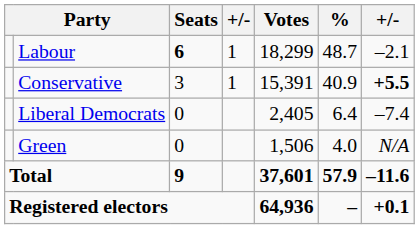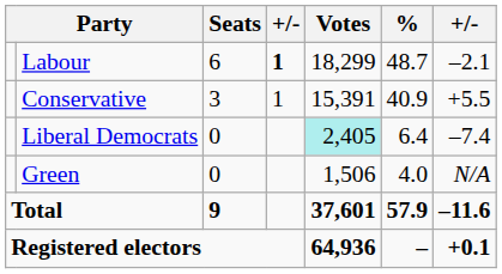 <table class="wikitable sortable">
 <tr>
 <th colspan="2">Party</th>
 <th>Seats</th>
 <th>+/-</th>
 <th>Votes</th>
 <th>%</th>
 <th>+/-</th>
 </tr>
 <tr>
 <td style="background-color: "></td>
 <td><a href='#'>Labour</a></td>
-<td><strong>6</strong></td>
-<td> 1</td>
+<td>6</td>
+<td><strong> 1</strong></td>
 <td style="text-align:right;">18,299</td>
 <td style="text-align:right;">48.7</td>
 <td style="text-align:right;">–2.1</td>
 </tr>
 <tr>
 <td style="background-color: "></td>
 <td><a href='#'>Conservative</a></td>
 <td>3</td>
 <td> 1</td>
 <td style="text-align:right;">15,391</td>
 <td style="text-align:right;">40.9</td>
-<td style="text-align:right;"><strong>+5.5</strong></td>
+<td style="text-align:right;">+5.5</td>
 </tr>
 <tr>
 <td style="background-color: "></td>
 <td><a href='#'>Liberal Democrats</a></td>
 <td>0</td>
 <td></td>
-<td style="text-align:right;">2,405</td>
+<td style="background: paleturquoise; text-align:right;">2,405</td>
 <td style="text-align:right;">6.4</td>
 <td style="text-align:right;">–7.4</td>
 </tr>
 <tr>
 <td style="background-color: "></td>
 <td><a href='#'>Green</a></td>
 <td>0</td>
 <td></td>
 <td style="text-align:right;">1,506</td>
 <td style="text-align:right;">4.0</td>
 <td style="text-align:right;"><em>N/A</em></td>
 </tr>
 <tr>
 <td colspan="2"><strong>Total</strong></td>
 <td><strong>9</strong></td>
 <td></td>
 <td style="text-align:right;"><strong>37,601</strong></td>
 <td style="text-align:right;"><strong>57.9</strong></td>
 <td style="text-align:right;"><strong>–11.6</strong></td>
 </tr>
 <tr>
 <td colspan="4"><strong>Registered electors</strong></td>
 <td style="text-align:right;"><strong>64,936</strong></td>
 <td style="text-align:right;"><strong>–</strong></td>
 <td style="text-align:right;"><strong>+0.1</strong></td>
 </tr>
 </table>
